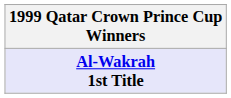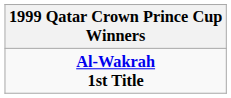 <table class="wikitable" style="text-align: center; margin: 0 auto;">
 <tr>
 <th>1999 Qatar Crown Prince Cup <br> Winners</th>
 </tr>
 <tr>
-<td style="background: lavender;"><strong><a href='#'>Al-Wakrah</a></strong><br><strong>1st Title</strong></td>
+<td><strong><a href='#'>Al-Wakrah</a></strong><br><strong>1st Title</strong></td>
 </tr>
 </table>
